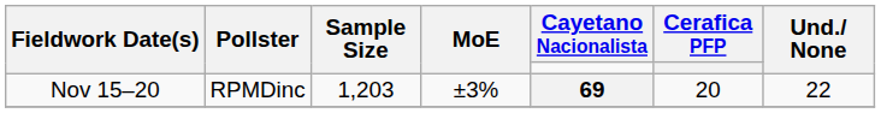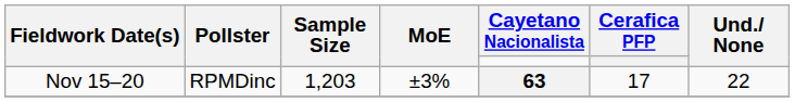 <table class="wikitable" style="text-align:center;font-size:85%;line-height:14px">
 <tr>
 <th rowspan="2">Fieldwork Date(s)</th>
 <th rowspan="2">Pollster</th>
 <th rowspan="2" style="width:60px;">Sample Size</th>
 <th rowspan="2" style="width:60px;">MoE</th>
 <th style="width:60px;"><a href='#'>Cayetano</a><br><a href='#'><small>Nacionalista</small></a></th>
 <th style="width:60px;"><a href='#'>Cerafica</a><br><a href='#'><small>PFP</small></a></th>
 <th rowspan="2" style="width:60px;">Und./<br>None</th>
 </tr>
 <tr>
 <td style="background:"></td>
 <th style="background:"></th>
 </tr>
 <tr>
 <td>Nov 15–20</td>
 <td>RPMDinc</td>
 <td>1,203</td>
 <td>±3%</td>
-<th style="background-color:#">69</th>
-<td>20</td>
+<th style="background-color:#">63</th>
+<td>17</td>
 <td>22</td>
 </tr>
 <tr>
 </tr>
 </table>
